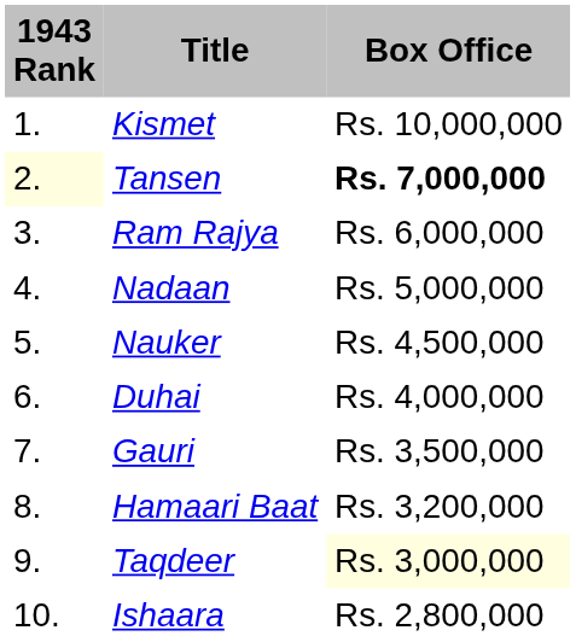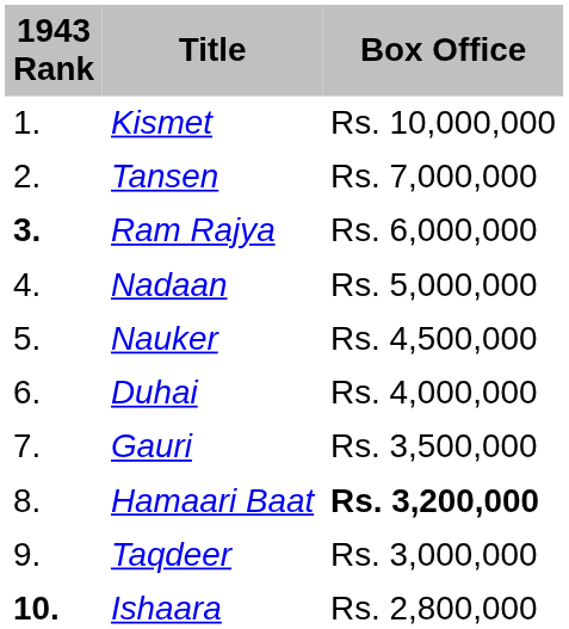 <table cellspacing="0" cellpadding="4" border="0">
 <tr style="background:silver; text-align:center;">
 <td><strong>1943</strong><br><strong>Rank</strong></td>
 <td><strong>Title</strong></td>
 <td><strong>Box Office</strong></td>
 </tr>
 <tr>
 <td>1.</td>
 <td><em><a href='#'>Kismet</a></em></td>
 <td>Rs. 10,000,000</td>
 </tr>
 <tr>
-<td style="background: lightyellow;">2.</td>
+<td>2.</td>
 <td><em><a href='#'>Tansen</a></em></td>
-<td><strong>Rs. 7,000,000</strong></td>
+<td>Rs. 7,000,000</td>
 </tr>
 <tr>
-<td>3.</td>
+<td><strong>3.</strong></td>
 <td><em><a href='#'>Ram Rajya</a></em></td>
 <td>Rs. 6,000,000</td>
 </tr>
 <tr>
 <td>4.</td>
 <td><em><a href='#'>Nadaan</a></em></td>
 <td>Rs. 5,000,000</td>
 </tr>
 <tr>
 <td>5.</td>
 <td><em><a href='#'>Nauker</a></em></td>
 <td>Rs. 4,500,000</td>
 </tr>
 <tr>
 <td>6.</td>
 <td><em><a href='#'>Duhai</a></em></td>
 <td>Rs. 4,000,000</td>
 </tr>
 <tr>
 <td>7.</td>
 <td><em><a href='#'>Gauri</a></em></td>
 <td>Rs. 3,500,000</td>
 </tr>
 <tr>
 <td>8.</td>
 <td><em><a href='#'>Hamaari Baat</a></em></td>
-<td>Rs. 3,200,000</td>
+<td><strong>Rs. 3,200,000</strong></td>
 </tr>
 <tr>
 <td>9.</td>
 <td><em><a href='#'>Taqdeer</a></em></td>
-<td style="background: lightyellow;">Rs. 3,000,000</td>
+<td>Rs. 3,000,000</td>
 </tr>
 <tr>
-<td>10.</td>
+<td><strong>10.</strong></td>
 <td><em><a href='#'>Ishaara</a></em></td>
 <td>Rs. 2,800,000</td>
 </tr>
 </table>
